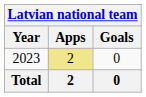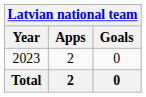 <table class="wikitable" style="text-align:center">
 <tr>
 <th colspan=3><a href='#'>Latvian national team</a></th>
 </tr>
 <tr>
 <th>Year</th>
 <th>Apps</th>
 <th>Goals</th>
 </tr>
 <tr>
 <td>2023</td>
-<td style="background: khaki;">2</td>
+<td>2</td>
 <td>0</td>
 </tr>
 <tr>
 <th>Total</th>
 <th>2</th>
 <th>0</th>
 </tr>
 </table>
